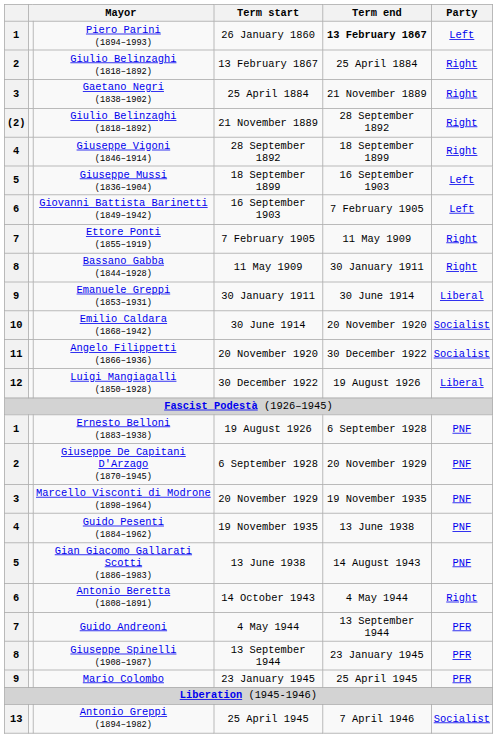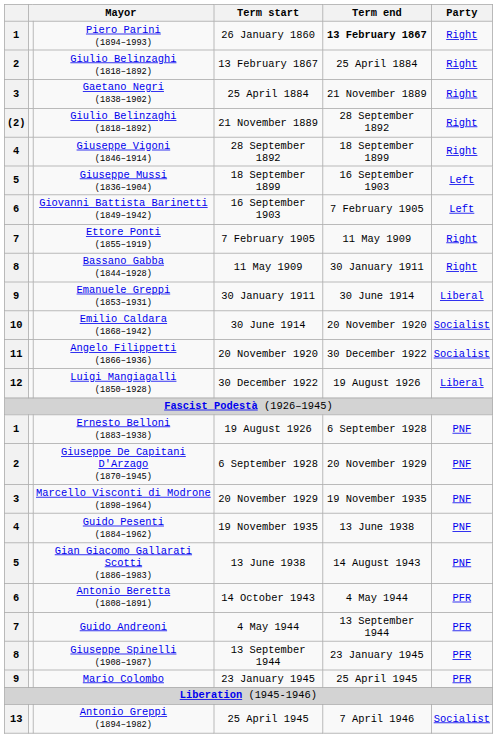 <table class="wikitable" style="text-align: center;">
 <tr>
 <th class=unsortable> </th>
 <th colspan="2">Mayor</th>
 <th>Term start</th>
 <th>Term end</th>
 <th>Party</th>
 </tr>
 <tr>
 <th style="background:">1</th>
 <td></td>
 <td><a href='#'>Piero Parini</a><br><small>(1894–1993)</small></td>
 <td>26 January 1860</td>
 <td><strong>13 February 1867</strong></td>
-<td><a href='#'>Left</a></td>
+<td><a href='#'>Right</a></td>
 </tr>
 <tr>
 <th style="background:">2</th>
 <td></td>
 <td><a href='#'>Giulio Belinzaghi</a><br><small>(1818–1892)</small></td>
 <td>13 February 1867</td>
 <td>25 April 1884</td>
 <td><a href='#'>Right</a></td>
 </tr>
 <tr>
 <th style="background:">3</th>
 <td></td>
 <td><a href='#'>Gaetano Negri</a><br><small>(1838–1902)</small></td>
 <td>25 April 1884</td>
 <td>21 November 1889</td>
 <td><a href='#'>Right</a></td>
 </tr>
 <tr>
 <th style="background:">(2)</th>
 <td></td>
 <td><a href='#'>Giulio Belinzaghi</a><br><small>(1818–1892)</small></td>
 <td>21 November 1889</td>
 <td>28 September 1892</td>
 <td><a href='#'>Right</a></td>
 </tr>
 <tr>
 <th style="background:">4</th>
 <td></td>
 <td><a href='#'>Giuseppe Vigoni</a><br><small>(1846–1914)</small></td>
 <td>28 September 1892</td>
 <td>18 September 1899</td>
 <td><a href='#'>Right</a></td>
 </tr>
 <tr>
 <th style="background:">5</th>
 <td></td>
 <td><a href='#'>Giuseppe Mussi</a><br><small>(1836–1904)</small></td>
 <td>18 September 1899</td>
 <td>16 September 1903</td>
 <td><a href='#'>Left</a></td>
 </tr>
 <tr>
 <th style="background:">6</th>
 <td></td>
 <td><a href='#'>Giovanni Battista Barinetti</a><br><small>(1849–1942)</small></td>
 <td>16 September 1903</td>
 <td>7 February 1905</td>
 <td><a href='#'>Left</a></td>
 </tr>
 <tr>
 <th style="background:">7</th>
 <td></td>
 <td><a href='#'>Ettore Ponti</a><br><small>(1855–1919)</small></td>
 <td>7 February 1905</td>
 <td>11 May 1909</td>
 <td><a href='#'>Right</a></td>
 </tr>
 <tr>
 <th style="background:">8</th>
 <td></td>
 <td><a href='#'>Bassano Gabba</a><br><small>(1844–1928)</small></td>
 <td>11 May 1909</td>
 <td>30 January 1911</td>
 <td><a href='#'>Right</a></td>
 </tr>
 <tr>
 <th style="background:">9</th>
 <td></td>
 <td><a href='#'>Emanuele Greppi</a><br><small>(1853–1931)</small></td>
 <td>30 January 1911</td>
 <td>30 June 1914</td>
 <td><a href='#'>Liberal</a></td>
 </tr>
 <tr>
 <th style="background:">10</th>
 <td></td>
 <td><a href='#'>Emilio Caldara</a><br><small>(1868–1942)</small></td>
 <td>30 June 1914</td>
 <td>20 November 1920</td>
 <td><a href='#'>Socialist</a></td>
 </tr>
 <tr>
 <th style="background:">11</th>
 <td></td>
 <td><a href='#'>Angelo Filippetti</a><br><small>(1866–1936)</small></td>
 <td>20 November 1920</td>
 <td>30 December 1922</td>
 <td><a href='#'>Socialist</a></td>
 </tr>
 <tr>
 <th style="background:">12</th>
 <td></td>
 <td><a href='#'>Luigi Mangiagalli</a><br><small>(1850–1928)</small></td>
 <td>30 December 1922</td>
 <td>19 August 1926</td>
 <td><a href='#'>Liberal</a></td>
 </tr>
 <tr>
 <td colspan="8" bgcolor="lightgrey" align=center><strong><a href='#'>Fascist Podestà</a></strong> (1926–1945)</td>
 </tr>
 <tr>
 <th rowspan=1 style="background:">1</th>
 <td></td>
 <td><a href='#'>Ernesto Belloni</a><br><small>(1883–1938)</small></td>
 <td>19 August 1926</td>
 <td>6 September 1928</td>
 <td><a href='#'>PNF</a></td>
 </tr>
 <tr>
 <th rowspan=1 style="background:">2</th>
 <td></td>
 <td><a href='#'>Giuseppe De Capitani D'Arzago</a><br><small>(1870–1945)</small></td>
 <td>6 September 1928</td>
 <td>20 November 1929</td>
 <td><a href='#'>PNF</a></td>
 </tr>
 <tr>
 <th rowspan=1 style="background:">3</th>
 <td></td>
 <td><a href='#'>Marcello Visconti di Modrone</a><br><small>(1898–1964)</small></td>
 <td>20 November 1929</td>
 <td>19 November 1935</td>
 <td><a href='#'>PNF</a></td>
 </tr>
 <tr>
 <th rowspan=1 style="background:">4</th>
 <td></td>
 <td><a href='#'>Guido Pesenti</a><br><small>(1884–1962)</small></td>
 <td>19 November 1935</td>
 <td>13 June 1938</td>
 <td><a href='#'>PNF</a></td>
 </tr>
 <tr>
 <th rowspan=1 style="background:">5</th>
 <td></td>
 <td><a href='#'>Gian Giacomo Gallarati Scotti</a><br><small>(1886–1983)</small></td>
 <td>13 June 1938</td>
 <td>14 August 1943</td>
 <td><a href='#'>PNF</a></td>
 </tr>
 <tr>
 <th rowspan=1 style="background:">6</th>
 <td></td>
 <td><a href='#'>Antonio Beretta</a><br><small>(1808–1891)</small></td>
 <td>14 October 1943</td>
 <td>4 May 1944</td>
-<td><a href='#'>Right</a></td>
+<td><a href='#'>PFR</a></td>
 </tr>
 <tr>
 <th rowspan=1 style="background:">7</th>
 <td></td>
 <td><a href='#'>Guido Andreoni</a></td>
 <td>4 May 1944</td>
 <td>13 September 1944</td>
 <td><a href='#'>PFR</a></td>
 </tr>
 <tr>
 <th rowspan=1 style="background:">8</th>
 <td></td>
 <td><a href='#'>Giuseppe Spinelli</a><br><small>(1908–1987)</small></td>
 <td>13 September 1944</td>
 <td>23 January 1945</td>
 <td><a href='#'>PFR</a></td>
 </tr>
 <tr>
 <th rowspan=1 style="background:">9</th>
 <td></td>
 <td><a href='#'>Mario Colombo</a></td>
 <td>23 January 1945</td>
 <td>25 April 1945</td>
 <td><a href='#'>PFR</a></td>
 </tr>
 <tr>
 <td colspan="8" bgcolor="lightgrey" align=center><strong><a href='#'>Liberation</a></strong> (1945-1946)</td>
 </tr>
 <tr>
 <th style="background:">13</th>
 <td></td>
 <td><a href='#'>Antonio Greppi</a><br><small>(1894–1982)</small></td>
 <td>25 April 1945</td>
 <td>7 April 1946</td>
 <td><a href='#'>Socialist</a></td>
 </tr>
 </table>
